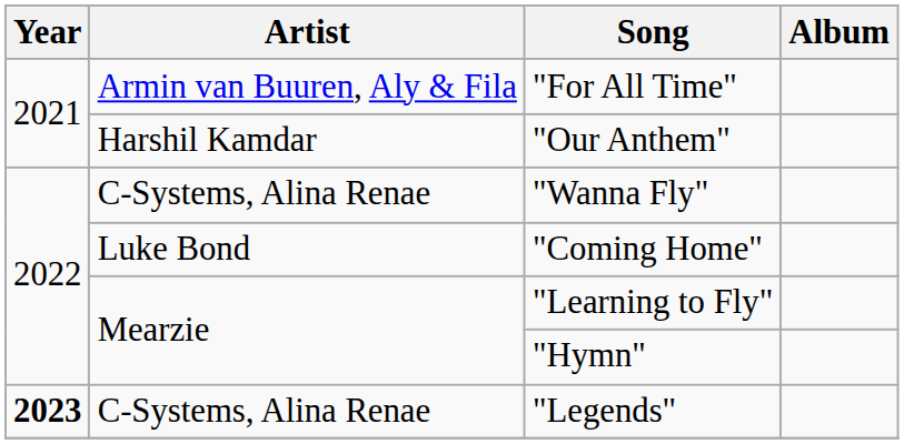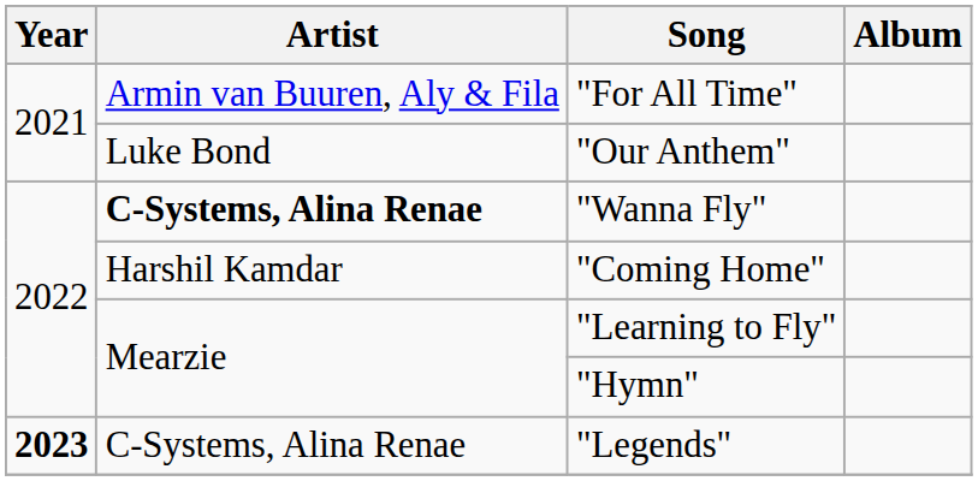 <table class="wikitable">
 <tr>
 <th>Year</th>
 <th>Artist</th>
 <th>Song</th>
 <th>Album</th>
 </tr>
 <tr>
 <td rowspan="2">2021</td>
 <td><a href='#'>Armin van Buuren</a>, <a href='#'>Aly & Fila</a></td>
 <td>"For All Time" </td>
 <td></td>
 </tr>
 <tr>
-<td>Harshil Kamdar</td>
+<td>Luke Bond</td>
 <td>"Our Anthem" </td>
 <td></td>
 </tr>
 <tr>
 <td rowspan="4">2022</td>
-<td>C-Systems, Alina Renae</td>
+<td><strong>C-Systems, Alina Renae</strong></td>
 <td>"Wanna Fly"</td>
 <td></td>
 </tr>
 <tr>
-<td>Luke Bond</td>
+<td>Harshil Kamdar</td>
 <td>"Coming Home"</td>
 <td></td>
 </tr>
 <tr>
 <td rowspan="2">Mearzie</td>
 <td>"Learning to Fly"</td>
 <td></td>
 </tr>
 <tr>
 <td>"Hymn"</td>
 <td></td>
 </tr>
 <tr>
 <td><strong>2023</strong></td>
 <td>C-Systems, Alina Renae</td>
 <td>"Legends"</td>
 <td></td>
 </tr>
 <tr>
 </tr>
 </table>
